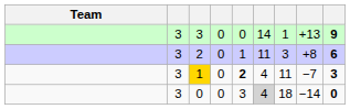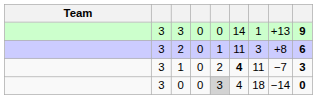 <table class=wikitable style="text-align:center">
 <tr>
 <th width=200>Team</th>
 <th width=20></th>
 <th width=20></th>
 <th width=20></th>
 <th width=20></th>
 <th width=20></th>
 <th width=20></th>
 <th width=20></th>
 <th width=20></th>
 </tr>
 <tr bgcolor=#ccffcc>
 <td align=left></td>
 <td>3</td>
 <td>3</td>
 <td>0</td>
 <td>0</td>
 <td>14</td>
 <td>1</td>
 <td>+13</td>
 <td><strong>9</strong></td>
 </tr>
 <tr bgcolor=#ccccff>
 <td align=left></td>
 <td>3</td>
 <td>2</td>
 <td>0</td>
 <td>1</td>
 <td>11</td>
 <td>3</td>
 <td>+8</td>
 <td><strong>6</strong></td>
 </tr>
 <tr>
 <td align=left></td>
 <td>3</td>
-<td style="background: gold;">1</td>
+<td>1</td>
 <td>0</td>
-<td><strong>2</strong></td>
-<td>4</td>
+<td>2</td>
+<td><strong>4</strong></td>
 <td>11</td>
 <td>−7</td>
 <td><strong>3</strong></td>
 </tr>
 <tr>
 <td align=left></td>
 <td>3</td>
 <td>0</td>
 <td>0</td>
-<td>3</td>
-<td style="background: lightgrey;">4</td>
+<td style="background: lightgrey;">3</td>
+<td>4</td>
 <td>18</td>
 <td>−14</td>
 <td><strong>0</strong></td>
 </tr>
 </table>
